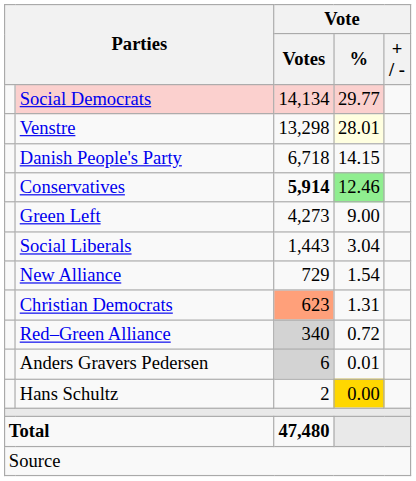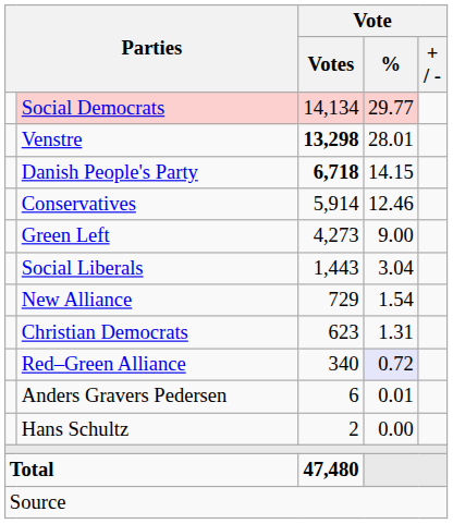 <table class="wikitable" style="text-align:right;">
 <tr>
 <th style="text-align:centre;" rowspan="2" colspan="2" width="225">Parties</th>
 <th colspan="3">Vote</th>
 </tr>
 <tr>
 <th width="15">Votes</th>
 <th width="15">%</th>
 <th width="15">+ / -</th>
 </tr>
 <tr>
 <td width="2" style="color:inherit;background:"></td>
 <td bgcolor=#fbd0ce  align="left"><a href='#'>Social Democrats</a></td>
 <td bgcolor=#fbd0ce>14,134</td>
 <td bgcolor=#fbd0ce>29.77</td>
 <td></td>
 </tr>
 <tr>
 <td width="2" style="color:inherit;background:"></td>
 <td align="left"><a href='#'>Venstre</a></td>
-<td>13,298</td>
-<td style="background: lightyellow;">28.01</td>
+<td><strong>13,298</strong></td>
+<td>28.01</td>
 <td></td>
 </tr>
 <tr>
 <td width="2" style="color:inherit;background:"></td>
 <td align="left"><a href='#'>Danish People's Party</a></td>
-<td>6,718</td>
+<td><strong>6,718</strong></td>
 <td>14.15</td>
 <td></td>
 </tr>
 <tr>
 <td width="2" style="color:inherit;background:"></td>
 <td align="left"><a href='#'>Conservatives</a></td>
-<td><strong>5,914</strong></td>
-<td style="background: lightgreen;">12.46</td>
+<td>5,914</td>
+<td>12.46</td>
 <td></td>
 </tr>
 <tr>
 <td width="2" style="color:inherit;background:"></td>
 <td align="left"><a href='#'>Green Left</a></td>
 <td>4,273</td>
 <td>9.00</td>
 <td></td>
 </tr>
 <tr>
 <td width="2" style="color:inherit;background:"></td>
 <td align="left"><a href='#'>Social Liberals</a></td>
 <td>1,443</td>
 <td>3.04</td>
 <td></td>
 </tr>
 <tr>
 <td width="2" style="color:inherit;background:"></td>
 <td align="left"><a href='#'>New Alliance</a></td>
 <td>729</td>
 <td>1.54</td>
 <td></td>
 </tr>
 <tr>
 <td width="2" style="color:inherit;background:"></td>
 <td align="left"><a href='#'>Christian Democrats</a></td>
-<td style="background: lightsalmon;">623</td>
+<td>623</td>
 <td>1.31</td>
 <td></td>
 </tr>
 <tr>
 <td width="2" style="color:inherit;background:"></td>
 <td align="left"><a href='#'>Red–Green Alliance</a></td>
-<td style="background: lightgrey;">340</td>
-<td>0.72</td>
+<td>340</td>
+<td style="background: lavender;">0.72</td>
 <td></td>
 </tr>
 <tr>
 <td width="2" style="color:inherit;background:"></td>
 <td align="left">Anders Gravers Pedersen</td>
-<td style="background: lightgrey;">6</td>
+<td>6</td>
 <td>0.01</td>
 <td></td>
 </tr>
 <tr>
 <td width="2" style="color:inherit;background:"></td>
 <td align="left">Hans Schultz</td>
 <td>2</td>
-<td style="background: gold;">0.00</td>
+<td>0.00</td>
 <td></td>
 </tr>
 <tr>
 <td colspan="7" bgcolor="#E9E9E9"></td>
 </tr>
 <tr>
 <td align="left" colspan="2"><strong>Total</strong></td>
 <td><strong>47,480</strong></td>
 <td bgcolor="#E9E9E9" colspan="2"></td>
 </tr>
 <tr>
 <td align="left" colspan="6">Source</td>
 </tr>
 </table>
